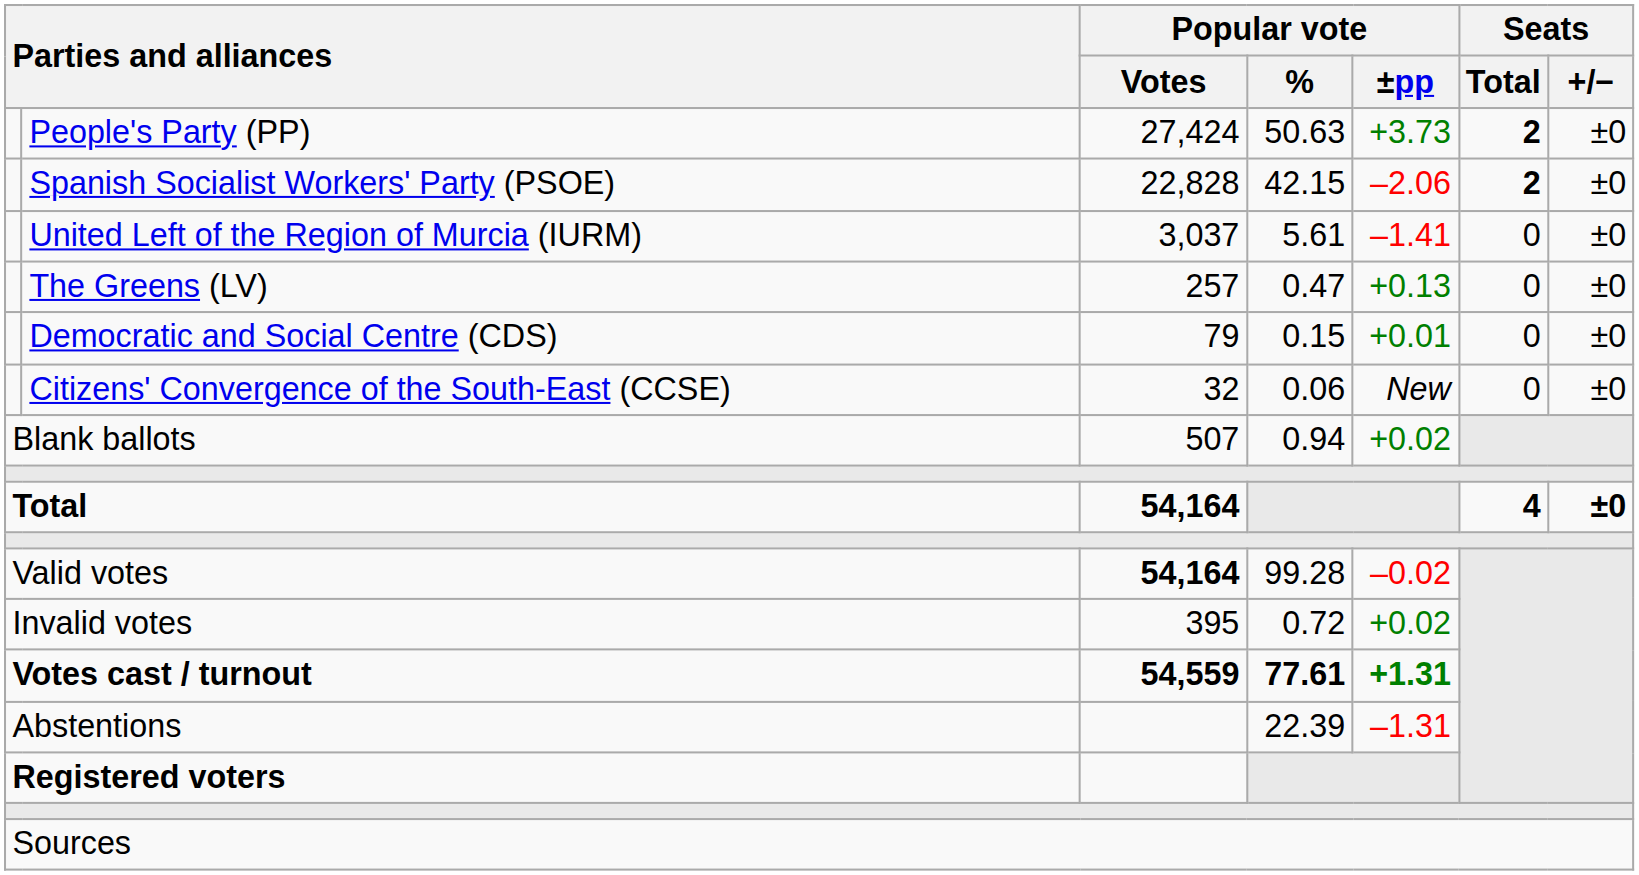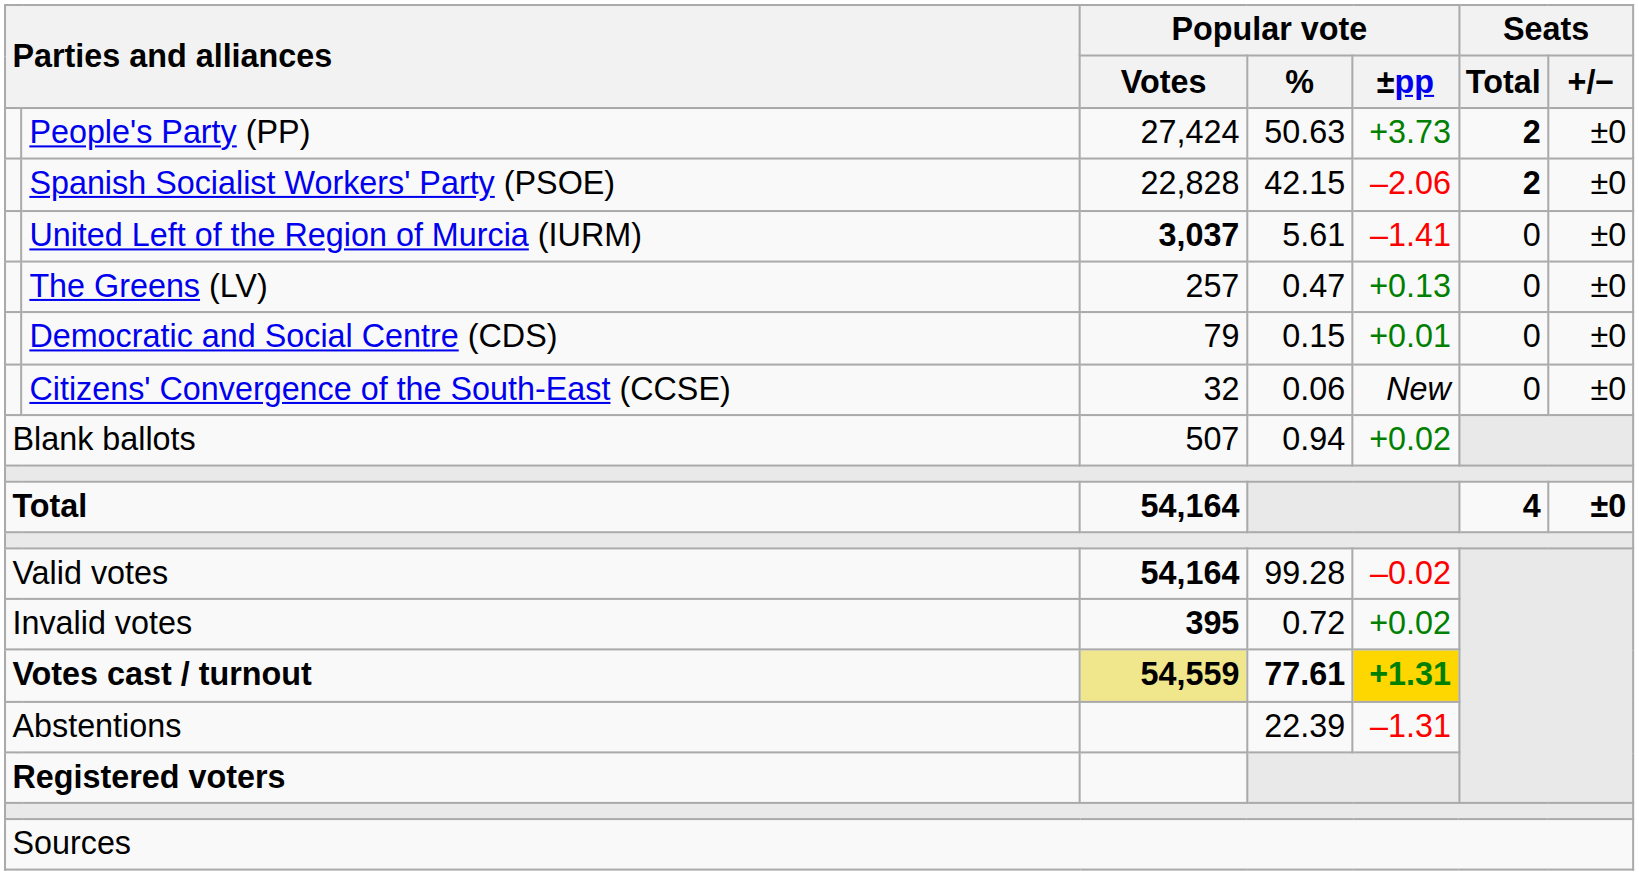 <table class="wikitable" style="text-align:right;">
 <tr>
 <th style="text-align:left;" rowspan="2" colspan="2" width="525">Parties and alliances</th>
 <th colspan="3">Popular vote</th>
 <th colspan="2">Seats</th>
 </tr>
 <tr>
 <th width="75">Votes</th>
 <th width="45">%</th>
 <th width="45">±<a href='#'>pp</a></th>
 <th width="35">Total</th>
 <th width="35">+/−</th>
 </tr>
 <tr>
 <td width="1" style="color:inherit;background:"></td>
 <td align="left"><a href='#'>People's Party</a> (PP)</td>
 <td>27,424</td>
 <td>50.63</td>
 <td style="color:green;">+3.73</td>
 <td><strong>2</strong></td>
 <td>±0</td>
 </tr>
 <tr>
 <td style="color:inherit;background:"></td>
 <td align="left"><a href='#'>Spanish Socialist Workers' Party</a> (PSOE)</td>
 <td>22,828</td>
 <td>42.15</td>
 <td style="color:red;">–2.06</td>
 <td><strong>2</strong></td>
 <td>±0</td>
 </tr>
 <tr>
 <td style="color:inherit;background:"></td>
 <td align="left"><a href='#'>United Left of the Region of Murcia</a> (IURM)</td>
-<td>3,037</td>
+<td><strong>3,037</strong></td>
 <td>5.61</td>
 <td style="color:red;">–1.41</td>
 <td>0</td>
 <td>±0</td>
 </tr>
 <tr>
 <td style="color:inherit;background:"></td>
 <td align="left"><a href='#'>The Greens</a> (LV)</td>
 <td>257</td>
 <td>0.47</td>
 <td style="color:green;">+0.13</td>
 <td>0</td>
 <td>±0</td>
 </tr>
 <tr>
 <td style="color:inherit;background:"></td>
 <td align="left"><a href='#'>Democratic and Social Centre</a> (CDS)</td>
 <td>79</td>
 <td>0.15</td>
 <td style="color:green;">+0.01</td>
 <td>0</td>
 <td>±0</td>
 </tr>
 <tr>
 <td style="color:inherit;background:"></td>
 <td align="left"><a href='#'>Citizens' Convergence of the South-East</a> (CCSE)</td>
 <td>32</td>
 <td>0.06</td>
 <td><em>New</em></td>
 <td>0</td>
 <td>±0</td>
 </tr>
 <tr>
 <td align="left" colspan="2">Blank ballots</td>
 <td>507</td>
 <td>0.94</td>
 <td style="color:green;">+0.02</td>
 <td bgcolor="#E9E9E9" colspan="2"></td>
 </tr>
 <tr>
 <td colspan="7" bgcolor="#E9E9E9"></td>
 </tr>
 <tr style="font-weight:bold;">
 <td align="left" colspan="2">Total</td>
 <td>54,164</td>
 <td bgcolor="#E9E9E9" colspan="2"></td>
 <td>4</td>
 <td>±0</td>
 </tr>
 <tr>
 <td colspan="7" bgcolor="#E9E9E9"></td>
 </tr>
 <tr>
 <td align="left" colspan="2">Valid votes</td>
 <td><strong>54,164</strong></td>
 <td>99.28</td>
 <td style="color:red;">–0.02</td>
 <td bgcolor="#E9E9E9" colspan="2" rowspan="5"></td>
 </tr>
 <tr>
 <td align="left" colspan="2">Invalid votes</td>
-<td>395</td>
+<td><strong>395</strong></td>
 <td>0.72</td>
 <td style="color:green;">+0.02</td>
 </tr>
 <tr style="font-weight:bold;">
 <td align="left" colspan="2">Votes cast / turnout</td>
-<td>54,559</td>
+<td style="background: khaki;">54,559</td>
 <td>77.61</td>
-<td style="color:green;">+1.31</td>
+<td style="background: gold; color:green;">+1.31</td>
 </tr>
 <tr>
 <td align="left" colspan="2">Abstentions</td>
 <td></td>
 <td>22.39</td>
 <td style="color:red;">–1.31</td>
 </tr>
 <tr style="font-weight:bold;">
 <td align="left" colspan="2">Registered voters</td>
 <td></td>
 <td bgcolor="#E9E9E9" colspan="2"></td>
 </tr>
 <tr>
 <td colspan="7" bgcolor="#E9E9E9"></td>
 </tr>
 <tr>
 <td align="left" colspan="7">Sources</td>
 </tr>
 </table>
